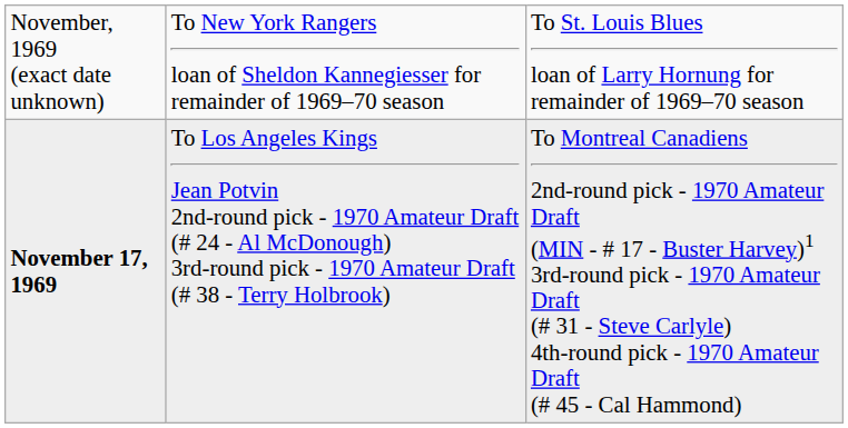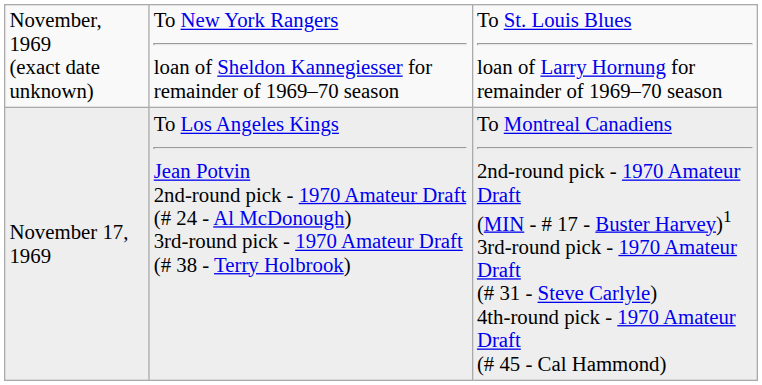 <table class="wikitable" style="border:1px solid #999; width:580px;">
 <tr>
 <td>November, 1969<br>(exact date unknown)</td>
 <td valign="top">To <a href='#'>New York Rangers</a><hr>loan of <a href='#'>Sheldon Kannegiesser</a> for remainder of 1969–70 season</td>
 <td valign="top">To <a href='#'>St. Louis Blues</a><hr>loan of <a href='#'>Larry Hornung</a> for remainder of 1969–70 season</td>
 </tr>
 <tr bgcolor="eeeeee">
-<td><strong>November 17, 1969</strong></td>
+<td>November 17, 1969</td>
 <td valign="top">To <a href='#'>Los Angeles Kings</a><hr><a href='#'>Jean Potvin</a><br>2nd-round pick - <a href='#'>1970 Amateur Draft</a><br>(# 24 - <a href='#'>Al McDonough</a>)<br>3rd-round pick - <a href='#'>1970 Amateur Draft</a><br>(# 38 - <a href='#'>Terry Holbrook</a>)</td>
 <td valign="top">To <a href='#'>Montreal Canadiens</a><hr>2nd-round pick - <a href='#'>1970 Amateur Draft</a><br>(<a href='#'>MIN</a> - # 17 -  <a href='#'>Buster Harvey</a>)<sup>1</sup><br>3rd-round pick - <a href='#'>1970 Amateur Draft</a><br>(# 31 - <a href='#'>Steve Carlyle</a>)<br>4th-round pick - <a href='#'>1970 Amateur Draft</a><br>(# 45 - Cal Hammond)</td>
 </tr>
 </table>
